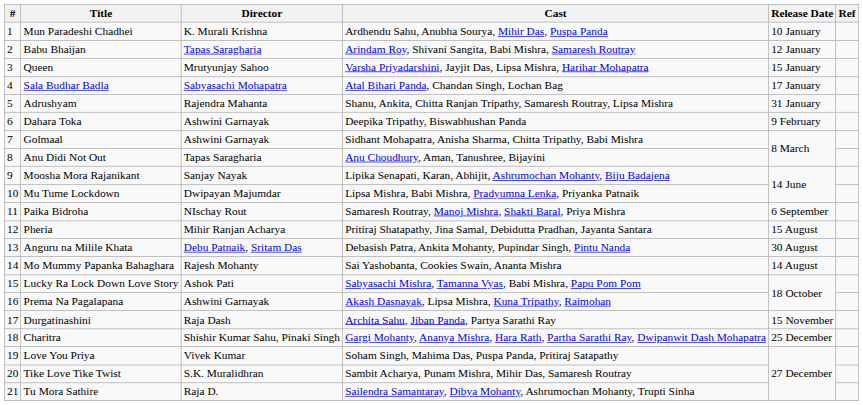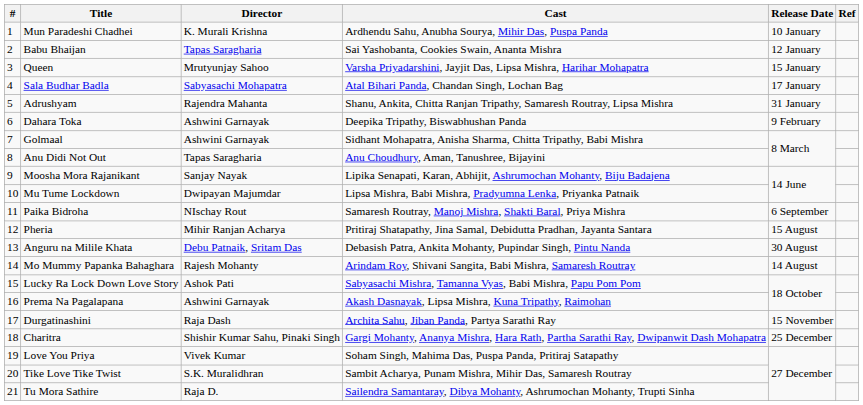 <table class="wikitable sortable">
 <tr>
 <th>#</th>
 <th>Title</th>
 <th>Director</th>
 <th>Cast</th>
 <th>Release Date</th>
 <th>Ref</th>
 </tr>
 <tr>
 <td>1</td>
 <td>Mun Paradeshi Chadhei</td>
 <td>K. Murali Krishna</td>
 <td>Ardhendu Sahu, Anubha Sourya, <a href='#'>Mihir Das</a>, <a href='#'>Puspa Panda</a></td>
 <td>10 January</td>
 <td></td>
 </tr>
 <tr>
 <td>2</td>
 <td>Babu  Bhaijan</td>
 <td><a href='#'>Tapas Saragharia</a></td>
-<td><a href='#'>Arindam Roy</a>, Shivani Sangita, Babi Mishra, <a href='#'>Samaresh Routray</a></td>
+<td>Sai Yashobanta, Cookies Swain, Ananta Mishra</td>
 <td>12 January</td>
 <td></td>
 </tr>
 <tr>
 <td>3</td>
 <td>Queen</td>
 <td>Mrutyunjay Sahoo</td>
 <td><a href='#'>Varsha Priyadarshini</a>, Jayjit Das, Lipsa Mishra, <a href='#'>Harihar Mohapatra</a></td>
 <td>15 January</td>
 <td></td>
 </tr>
 <tr>
 <td>4</td>
 <td><a href='#'>Sala  Budhar Badla</a></td>
 <td><a href='#'>Sabyasachi Mohapatra</a></td>
 <td><a href='#'>Atal Bihari Panda</a>, Chandan Singh, Lochan Bag</td>
 <td>17 January</td>
 <td></td>
 </tr>
 <tr>
 <td>5</td>
 <td>Adrushyam</td>
 <td>Rajendra Mahanta</td>
 <td>Shanu, Ankita, Chitta Ranjan Tripathy, Samaresh Routray, Lipsa Mishra</td>
 <td>31 January</td>
 <td></td>
 </tr>
 <tr>
 <td>6</td>
 <td>Dahara  Toka</td>
 <td>Ashwini Garnayak</td>
 <td>Deepika Tripathy, Biswabhushan Panda</td>
 <td>9 February</td>
 <td></td>
 </tr>
 <tr>
 <td>7</td>
 <td>Golmaal</td>
 <td>Ashwini Garnayak</td>
 <td>Sidhant Mohapatra, Anisha Sharma, Chitta Tripathy, Babi Mishra</td>
 <td rowspan="2">8 March</td>
 </tr>
 <tr>
 <td>8</td>
 <td>Anu  Didi Not Out</td>
 <td>Tapas Saragharia</td>
 <td><a href='#'>Anu Choudhury</a>, Aman, Tanushree, Bijayini</td>
 <td></td>
 </tr>
 <tr>
 <td>9</td>
 <td>Moosha  Mora Rajanikant</td>
 <td>Sanjay Nayak</td>
 <td>Lipika Senapati, Karan, Abhijit, <a href='#'>Ashrumochan Mohanty</a>, <a href='#'>Biju Badajena</a></td>
 <td rowspan="2">14 June</td>
 </tr>
 <tr>
 <td>10</td>
 <td>Mu  Tume Lockdown</td>
 <td>Dwipayan Majumdar</td>
 <td>Lipsa Mishra, Babi Mishra, <a href='#'>Pradyumna Lenka</a>, Priyanka Patnaik</td>
 <td></td>
 </tr>
 <tr>
 <td>11</td>
 <td>Paika  Bidroha</td>
 <td>NIschay Rout</td>
 <td>Samaresh Routray, <a href='#'>Manoj Mishra</a>, <a href='#'>Shakti Baral</a>, Priya Mishra</td>
 <td>6 September</td>
 <td></td>
 </tr>
 <tr>
 <td>12</td>
 <td>Pheria</td>
 <td>Mihir Ranjan Acharya</td>
 <td>Pritiraj Shatapathy, Jina Samal, Debidutta Pradhan, Jayanta Santara</td>
 <td>15 August</td>
 <td></td>
 </tr>
 <tr>
 <td>13</td>
 <td>Anguru  na Milile Khata</td>
 <td><a href='#'>Debu Patnaik</a>, <a href='#'>Sritam Das</a></td>
 <td>Debasish Patra, Ankita Mohanty, Pupindar Singh, <a href='#'>Pintu Nanda</a></td>
 <td>30 August</td>
 <td></td>
 </tr>
 <tr>
 <td>14</td>
 <td>Mo  Mummy Papanka Bahaghara</td>
 <td>Rajesh Mohanty</td>
-<td>Sai Yashobanta, Cookies Swain, Ananta Mishra</td>
+<td><a href='#'>Arindam Roy</a>, Shivani Sangita, Babi Mishra, <a href='#'>Samaresh Routray</a></td>
 <td>14 August</td>
 <td></td>
 </tr>
 <tr>
 <td>15</td>
 <td>Lucky  Ra Lock Down Love Story</td>
 <td>Ashok Pati</td>
 <td><a href='#'>Sabyasachi Mishra</a>, <a href='#'>Tamanna Vyas</a>, Babi Mishra, <a href='#'>Papu Pom Pom</a></td>
 <td rowspan="2">18 October</td>
 <td></td>
 </tr>
 <tr>
 <td>16</td>
 <td>Prema  Na Pagalapana</td>
 <td>Ashwini Garnayak</td>
 <td><a href='#'>Akash Dasnayak</a>, Lipsa Mishra, <a href='#'>Kuna Tripathy</a>, <a href='#'>Raimohan</a></td>
 <td></td>
 </tr>
 <tr>
 <td>17</td>
 <td>Durgatinashini</td>
 <td>Raja Dash</td>
 <td><a href='#'>Archita Sahu</a>, <a href='#'>Jiban Panda</a>, Partya Sarathi Ray</td>
 <td>15 November</td>
 <td></td>
 </tr>
 <tr>
 <td>18</td>
 <td>Charitra</td>
 <td>Shishir Kumar Sahu, Pinaki Singh</td>
 <td><a href='#'>Gargi Mohanty</a>, <a href='#'>Ananya Mishra</a>, <a href='#'>Hara Rath</a>, <a href='#'>Partha Sarathi Ray</a>, <a href='#'>Dwipanwit Dash Mohapatra</a></td>
 <td>25 December</td>
 <td></td>
 </tr>
 <tr>
 <td>19</td>
 <td>Love  You Priya</td>
 <td>Vivek Kumar</td>
 <td>Soham Singh, Mahima Das, Puspa Panda, Pritiraj Satapathy</td>
 <td rowspan="3">27 December</td>
 <td></td>
 </tr>
 <tr>
 <td>20</td>
 <td>Tike  Love Tike Twist</td>
 <td>S.K. Muralidhran</td>
 <td>Sambit Acharya, Punam Mishra, Mihir Das, Samaresh Routray</td>
 <td></td>
 </tr>
 <tr>
 <td>21</td>
 <td>Tu  Mora Sathire</td>
 <td>Raja D.</td>
 <td><a href='#'>Sailendra Samantaray</a>, <a href='#'>Dibya Mohanty</a>, Ashrumochan Mohanty, Trupti Sinha</td>
 <td></td>
 </tr>
 </table>
